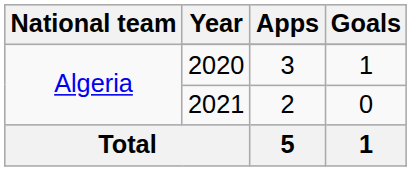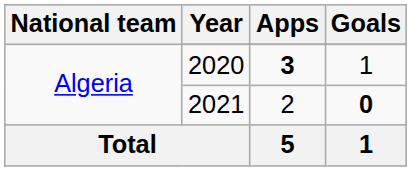 <table class="wikitable" style="text-align:center">
 <tr>
 <th>National team</th>
 <th>Year</th>
 <th>Apps</th>
 <th>Goals</th>
 </tr>
 <tr>
 <td rowspan="3"><a href='#'>Algeria</a></td>
 </tr>
 <tr>
 <td>2020</td>
-<td>3</td>
+<td><strong>3</strong></td>
 <td>1</td>
 </tr>
 <tr>
 <td>2021</td>
 <td>2</td>
-<td>0</td>
+<td><strong>0</strong></td>
 </tr>
 <tr>
 <th colspan="2">Total</th>
 <th>5</th>
 <th>1</th>
 </tr>
 </table>
